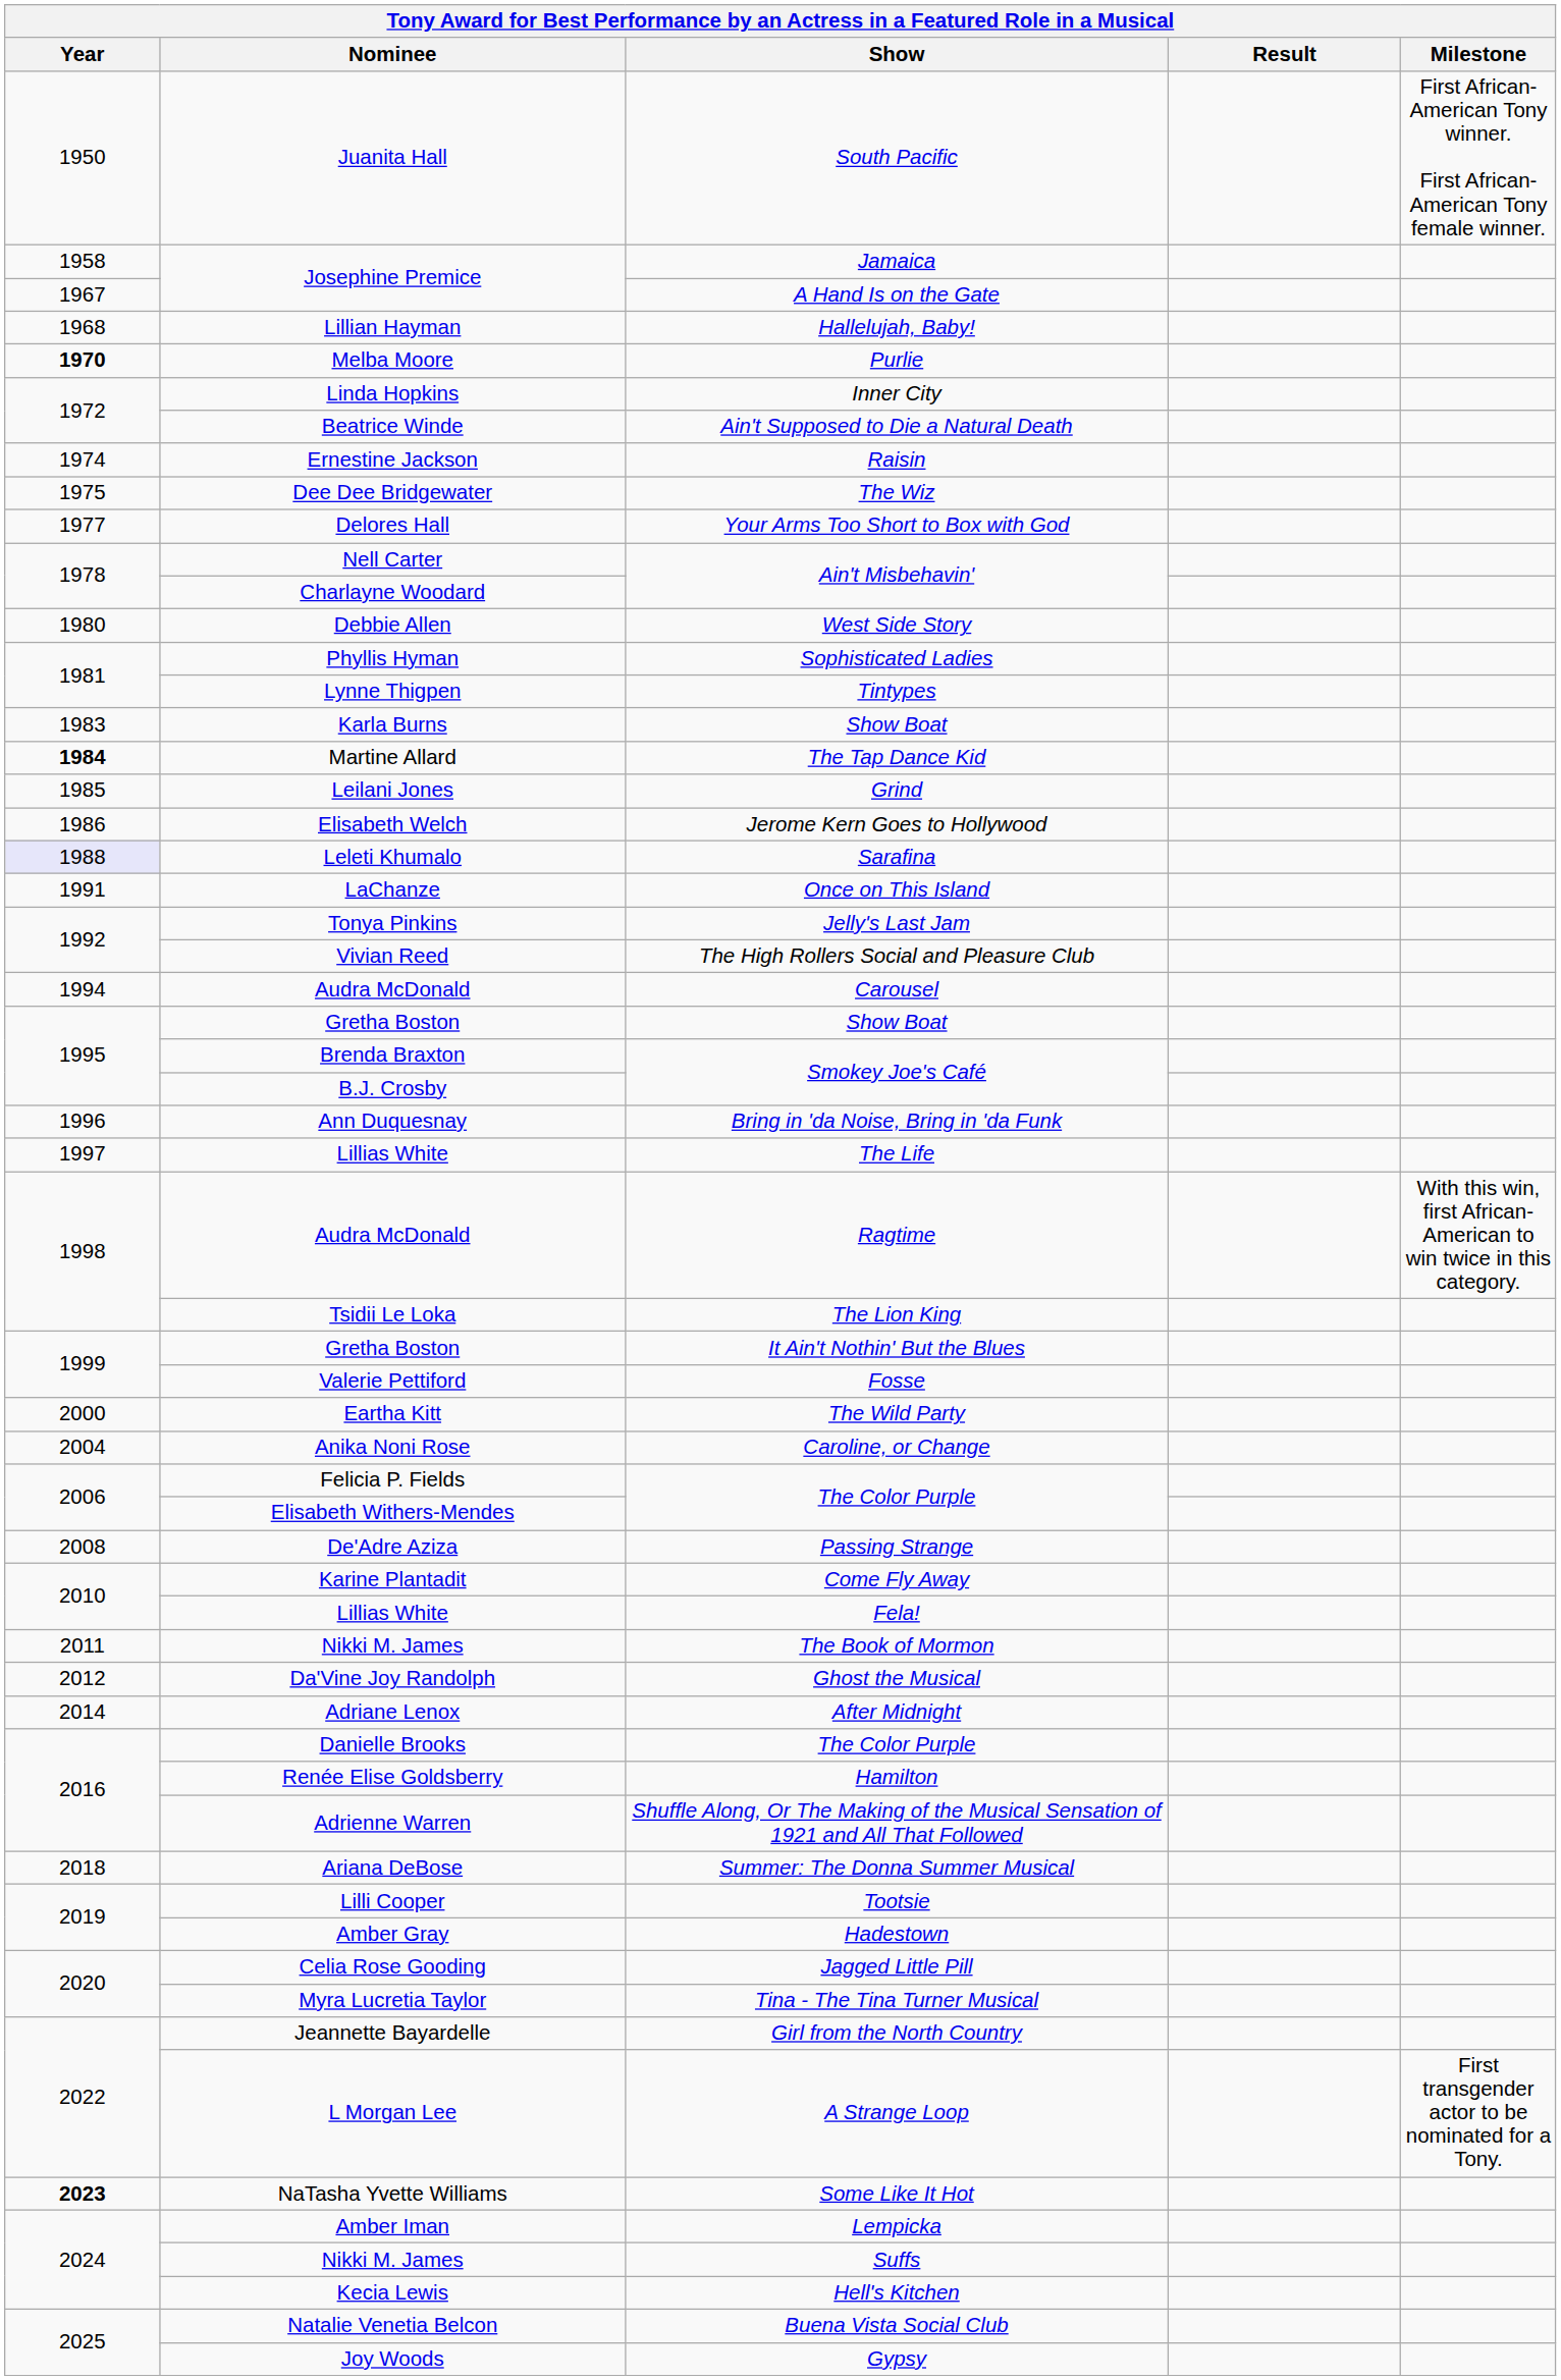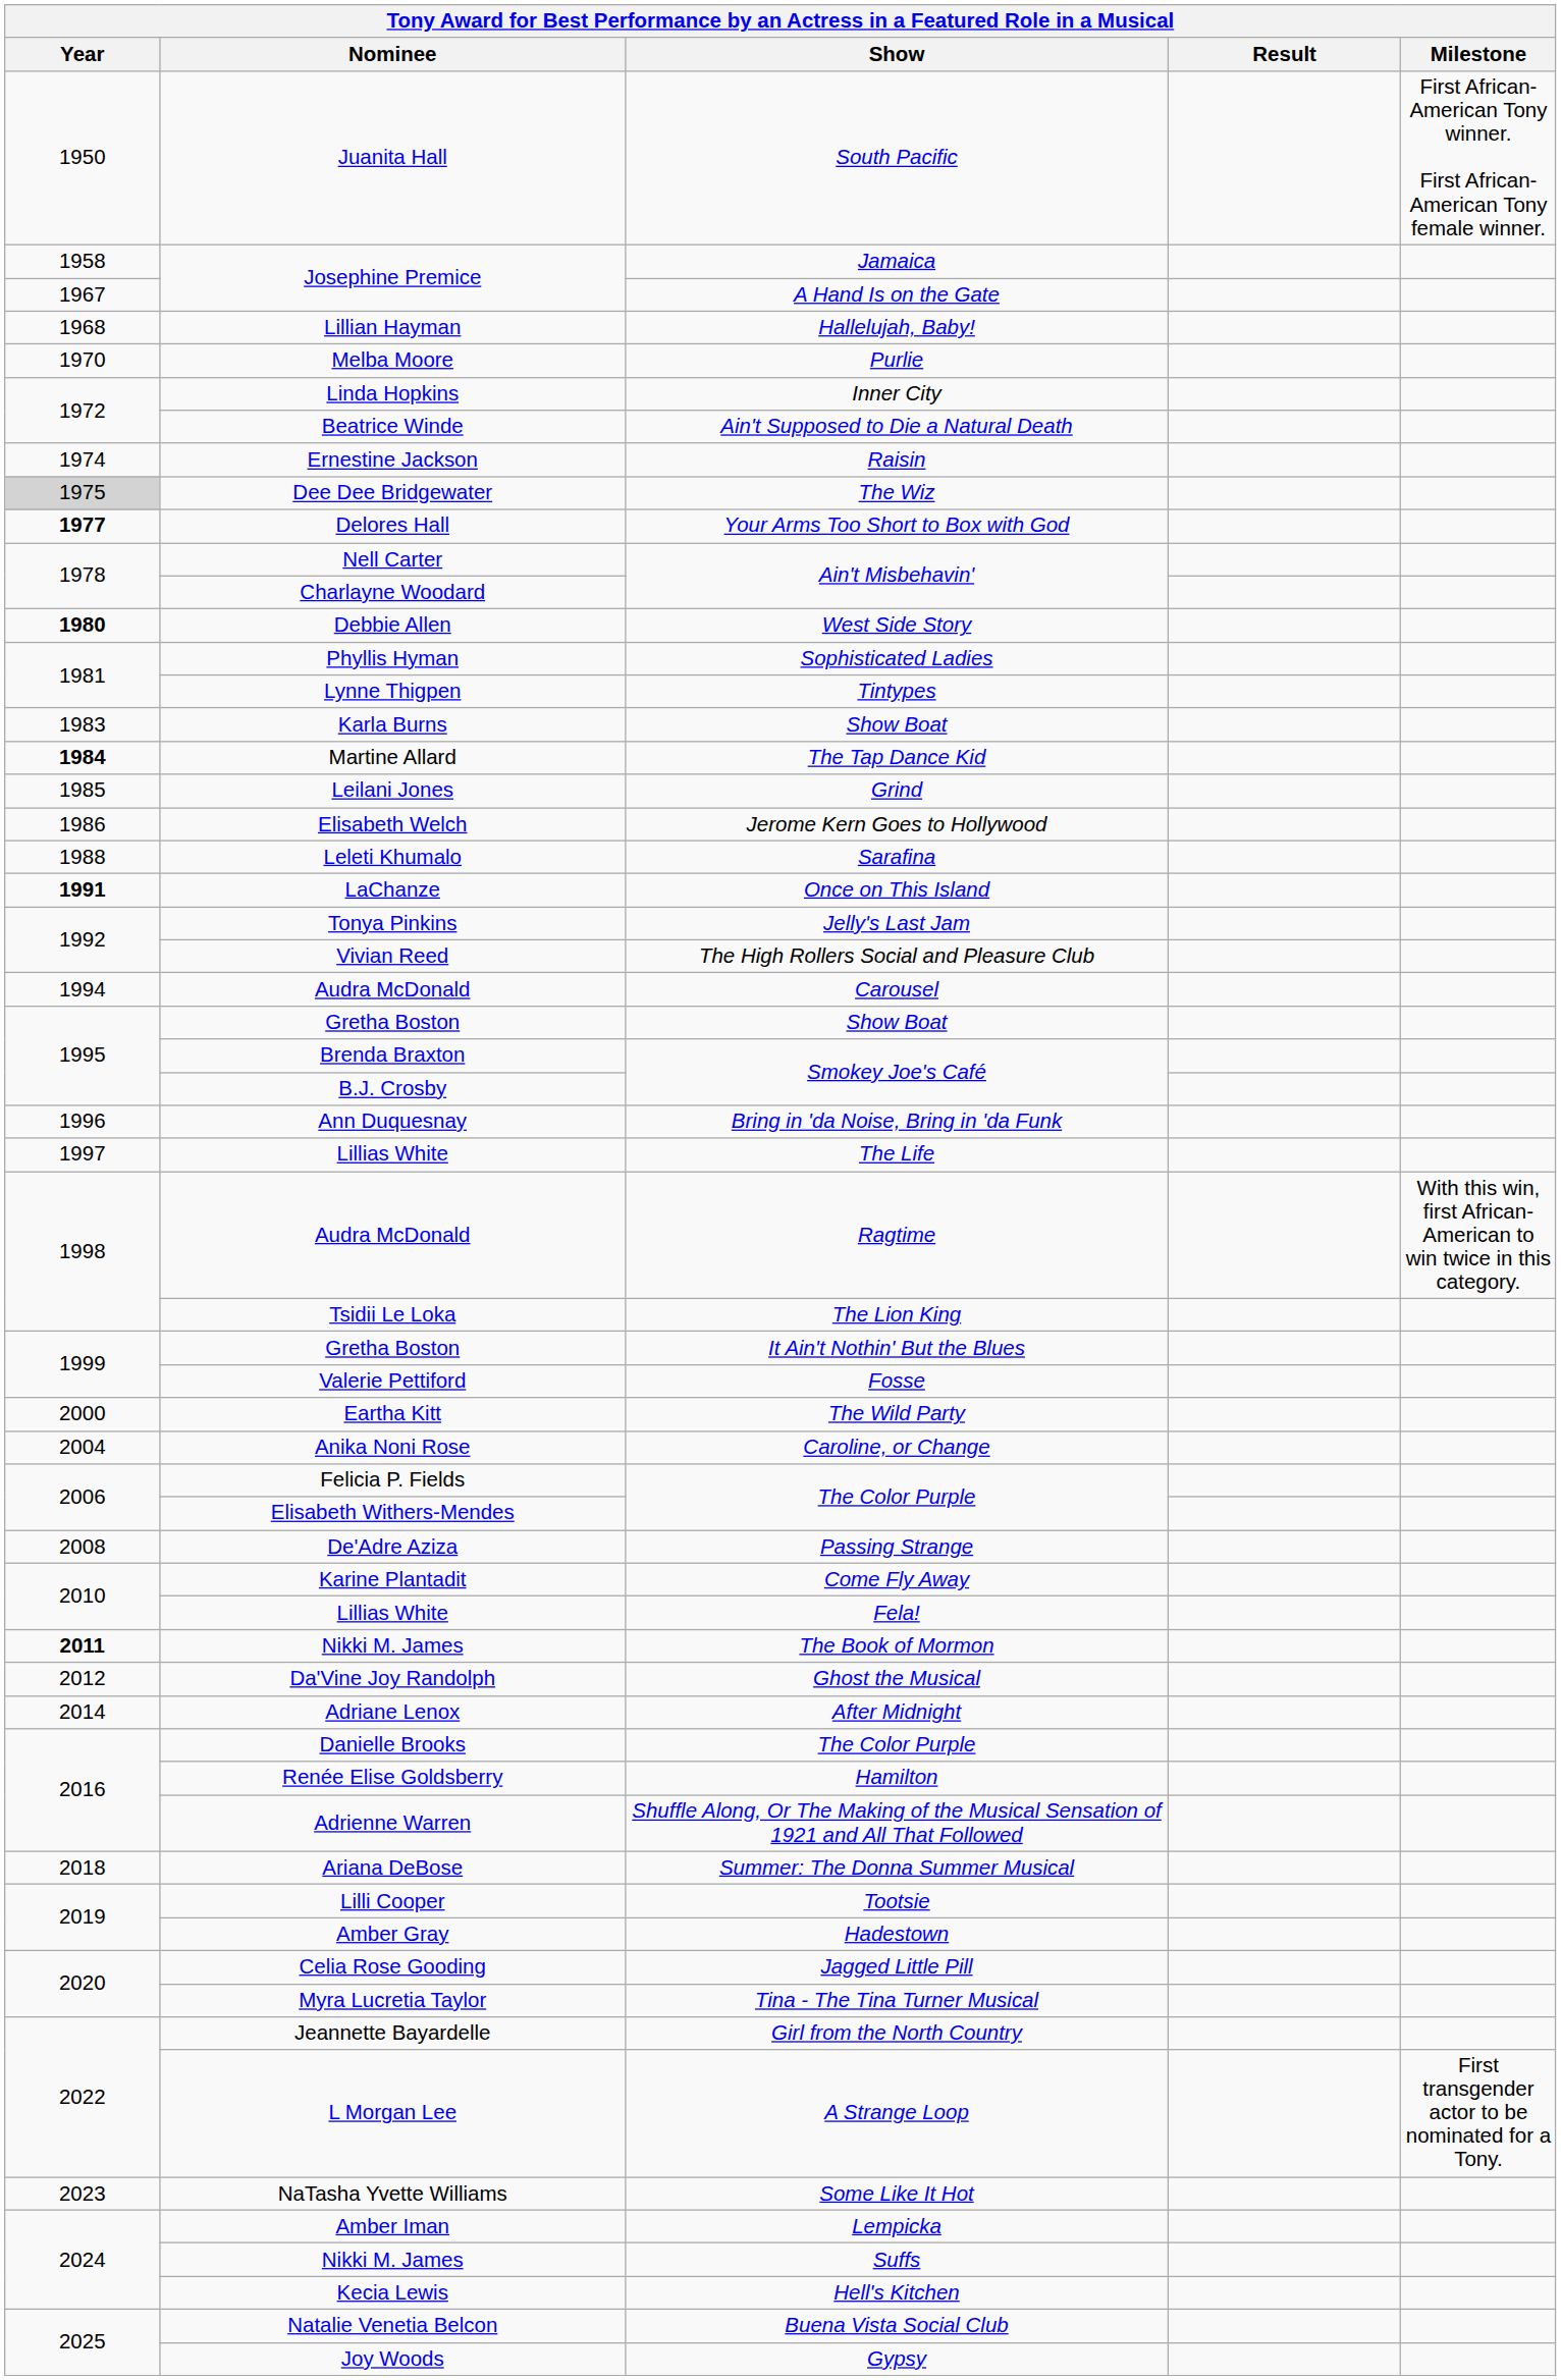 <table class="wikitable" width="60%" style="text-align: center">
 <tr>
 <th colspan="5"><a href='#'>Tony Award for Best Performance by an Actress in a Featured Role in a Musical</a></th>
 </tr>
 <tr>
 <th style="width:10%;">Year</th>
 <th style="width:30%;">Nominee</th>
 <th style="width:35%;">Show</th>
 <th style="width:15%;">Result</th>
 <th style="width:20%;">Milestone</th>
 </tr>
 <tr>
 <td>1950</td>
 <td><a href='#'>Juanita Hall</a></td>
 <td><em><a href='#'>South Pacific</a></em></td>
 <td></td>
 <td>First African-American Tony winner.<br><br>First African-American Tony female winner.</td>
 </tr>
 <tr>
 <td>1958</td>
 <td rowspan="2"><a href='#'>Josephine Premice</a></td>
 <td><em><a href='#'>Jamaica</a></em></td>
 <td></td>
 <td></td>
 </tr>
 <tr>
 <td>1967</td>
 <td><em><a href='#'>A Hand Is on the Gate</a></em></td>
 <td></td>
 <td></td>
 </tr>
 <tr>
 <td>1968</td>
 <td><a href='#'>Lillian Hayman</a></td>
 <td><em><a href='#'>Hallelujah, Baby!</a></em></td>
 <td></td>
 <td></td>
 </tr>
 <tr>
-<td><strong>1970</strong></td>
+<td>1970</td>
 <td><a href='#'>Melba Moore</a></td>
 <td><em><a href='#'>Purlie</a></em></td>
 <td></td>
 <td></td>
 </tr>
 <tr>
 <td rowspan="2">1972</td>
 <td><a href='#'>Linda Hopkins</a></td>
 <td><em>Inner City</em></td>
 <td></td>
 <td></td>
 </tr>
 <tr>
 <td><a href='#'>Beatrice Winde</a></td>
 <td><em><a href='#'>Ain't Supposed to Die a Natural Death</a></em></td>
 <td></td>
 <td></td>
 </tr>
 <tr>
 <td>1974</td>
 <td><a href='#'>Ernestine Jackson</a></td>
 <td><em><a href='#'>Raisin</a></em></td>
 <td></td>
 <td></td>
 </tr>
 <tr>
-<td>1975</td>
+<td style="background: lightgrey;">1975</td>
 <td><a href='#'>Dee Dee Bridgewater</a></td>
 <td><em><a href='#'>The Wiz</a></em></td>
 <td></td>
 <td></td>
 </tr>
 <tr>
-<td>1977</td>
+<td><strong>1977</strong></td>
 <td><a href='#'>Delores Hall</a></td>
 <td><em><a href='#'>Your Arms Too Short to Box with God</a></em></td>
 <td></td>
 <td></td>
 </tr>
 <tr>
 <td rowspan="2">1978</td>
 <td><a href='#'>Nell Carter</a></td>
 <td rowspan="2"><em><a href='#'>Ain't Misbehavin'</a></em></td>
 <td></td>
 <td></td>
 </tr>
 <tr>
 <td><a href='#'>Charlayne Woodard</a></td>
 <td></td>
 <td></td>
 </tr>
 <tr>
-<td>1980</td>
+<td><strong>1980</strong></td>
 <td><a href='#'>Debbie Allen</a></td>
 <td><em><a href='#'>West Side Story</a></em></td>
 <td></td>
 <td></td>
 </tr>
 <tr>
 <td rowspan="2">1981</td>
 <td><a href='#'>Phyllis Hyman</a></td>
 <td><em><a href='#'>Sophisticated Ladies</a></em></td>
 <td></td>
 <td></td>
 </tr>
 <tr>
 <td><a href='#'>Lynne Thigpen</a></td>
 <td><em><a href='#'>Tintypes</a></em></td>
 <td></td>
 <td></td>
 </tr>
 <tr>
 <td>1983</td>
 <td><a href='#'>Karla Burns</a></td>
 <td><em><a href='#'>Show Boat</a></em></td>
 <td></td>
 <td></td>
 </tr>
 <tr>
 <td><strong>1984</strong></td>
 <td>Martine Allard</td>
 <td><em><a href='#'>The Tap Dance Kid</a></em></td>
 <td></td>
 <td></td>
 </tr>
 <tr>
 <td>1985</td>
 <td><a href='#'>Leilani Jones</a></td>
 <td><em><a href='#'>Grind</a></em></td>
 <td></td>
 <td></td>
 </tr>
 <tr>
 <td>1986</td>
 <td><a href='#'>Elisabeth Welch</a></td>
 <td><em>Jerome Kern Goes to Hollywood</em></td>
 <td></td>
 <td></td>
 </tr>
 <tr>
-<td style="background: lavender;">1988</td>
+<td>1988</td>
 <td><a href='#'>Leleti Khumalo</a></td>
 <td><em><a href='#'>Sarafina</a></em></td>
 <td></td>
 <td></td>
 </tr>
 <tr>
-<td>1991</td>
+<td><strong>1991</strong></td>
 <td><a href='#'>LaChanze</a></td>
 <td><em><a href='#'>Once on This Island</a></em></td>
 <td></td>
 <td></td>
 </tr>
 <tr>
 <td rowspan="2">1992</td>
 <td><a href='#'>Tonya Pinkins</a></td>
 <td><em><a href='#'>Jelly's Last Jam</a></em></td>
 <td></td>
 <td></td>
 </tr>
 <tr>
 <td><a href='#'>Vivian Reed</a></td>
 <td><em>The High Rollers Social and Pleasure Club</em></td>
 <td></td>
 <td></td>
 </tr>
 <tr>
 <td>1994</td>
 <td><a href='#'>Audra McDonald</a></td>
 <td><em><a href='#'>Carousel</a></em></td>
 <td></td>
 <td></td>
 </tr>
 <tr>
 <td rowspan="3">1995</td>
 <td><a href='#'>Gretha Boston</a></td>
 <td><em><a href='#'>Show Boat</a></em></td>
 <td></td>
 <td></td>
 </tr>
 <tr>
 <td><a href='#'>Brenda Braxton</a></td>
 <td rowspan="2"><em><a href='#'>Smokey Joe's Café</a></em></td>
 <td></td>
 <td></td>
 </tr>
 <tr>
 <td><a href='#'>B.J. Crosby</a></td>
 <td></td>
 <td></td>
 </tr>
 <tr>
 <td>1996</td>
 <td><a href='#'>Ann Duquesnay</a></td>
 <td><em><a href='#'>Bring in 'da Noise, Bring in 'da Funk</a></em></td>
 <td></td>
 <td></td>
 </tr>
 <tr>
 <td>1997</td>
 <td><a href='#'>Lillias White</a></td>
 <td><em><a href='#'>The Life</a></em></td>
 <td></td>
 <td></td>
 </tr>
 <tr>
 <td rowspan="2">1998</td>
 <td><a href='#'>Audra McDonald</a></td>
 <td><em><a href='#'>Ragtime</a></em></td>
 <td></td>
 <td>With this win, first African-American to win twice in this category.</td>
 </tr>
 <tr>
 <td><a href='#'>Tsidii Le Loka</a></td>
 <td><em><a href='#'>The Lion King</a></em></td>
 <td></td>
 <td></td>
 </tr>
 <tr>
 <td rowspan="2">1999</td>
 <td><a href='#'>Gretha Boston</a></td>
 <td><em><a href='#'>It Ain't Nothin' But the Blues</a></em></td>
 <td></td>
 <td></td>
 </tr>
 <tr>
 <td><a href='#'>Valerie Pettiford</a></td>
 <td><em><a href='#'>Fosse</a></em></td>
 <td></td>
 <td></td>
 </tr>
 <tr>
 <td>2000</td>
 <td><a href='#'>Eartha Kitt</a></td>
 <td><em><a href='#'>The Wild Party</a></em></td>
 <td></td>
 <td></td>
 </tr>
 <tr>
 <td>2004</td>
 <td><a href='#'>Anika Noni Rose</a></td>
 <td><em><a href='#'>Caroline, or Change</a></em></td>
 <td></td>
 <td></td>
 </tr>
 <tr>
 <td rowspan="2">2006</td>
 <td>Felicia P. Fields</td>
 <td rowspan="2"><em><a href='#'>The Color Purple</a></em></td>
 <td></td>
 <td></td>
 </tr>
 <tr>
 <td><a href='#'>Elisabeth Withers-Mendes</a></td>
 <td></td>
 <td></td>
 </tr>
 <tr>
 <td>2008</td>
 <td><a href='#'>De'Adre Aziza</a></td>
 <td><em><a href='#'>Passing Strange</a></em></td>
 <td></td>
 <td></td>
 </tr>
 <tr>
 <td rowspan="2">2010</td>
 <td><a href='#'>Karine Plantadit</a></td>
 <td><em><a href='#'>Come Fly Away</a></em></td>
 <td></td>
 <td></td>
 </tr>
 <tr>
 <td><a href='#'>Lillias White</a></td>
 <td><em><a href='#'>Fela!</a></em></td>
 <td></td>
 <td></td>
 </tr>
 <tr>
-<td>2011</td>
+<td><strong>2011</strong></td>
 <td><a href='#'>Nikki M. James</a></td>
 <td><em><a href='#'>The Book of Mormon</a></em></td>
 <td></td>
 <td></td>
 </tr>
 <tr>
 <td>2012</td>
 <td><a href='#'>Da'Vine Joy Randolph</a></td>
 <td><em><a href='#'>Ghost the Musical</a></em></td>
 <td></td>
 <td></td>
 </tr>
 <tr>
 <td>2014</td>
 <td><a href='#'>Adriane Lenox</a></td>
 <td><em><a href='#'>After Midnight</a></em></td>
 <td></td>
 <td></td>
 </tr>
 <tr>
 <td rowspan="3">2016</td>
 <td><a href='#'>Danielle Brooks</a></td>
 <td><em><a href='#'>The Color Purple</a></em></td>
 <td></td>
 <td></td>
 </tr>
 <tr>
 <td><a href='#'>Renée Elise Goldsberry</a></td>
 <td><em><a href='#'>Hamilton</a></em></td>
 <td></td>
 <td></td>
 </tr>
 <tr>
 <td><a href='#'>Adrienne Warren</a></td>
 <td><em><a href='#'>Shuffle Along, Or The Making of the Musical Sensation of 1921 and All That Followed</a></em></td>
 <td></td>
 <td></td>
 </tr>
 <tr>
 <td>2018</td>
 <td><a href='#'>Ariana DeBose</a></td>
 <td><em><a href='#'>Summer: The Donna Summer Musical</a></em></td>
 <td></td>
 <td></td>
 </tr>
 <tr>
 <td rowspan="2">2019</td>
 <td><a href='#'>Lilli Cooper</a></td>
 <td><em><a href='#'>Tootsie</a></em></td>
 <td></td>
 <td></td>
 </tr>
 <tr>
 <td><a href='#'>Amber Gray</a></td>
 <td><em><a href='#'>Hadestown</a></em></td>
 <td></td>
 <td></td>
 </tr>
 <tr>
 <td rowspan="2">2020</td>
 <td><a href='#'>Celia Rose Gooding</a></td>
 <td><em><a href='#'>Jagged Little Pill</a></em></td>
 <td></td>
 <td></td>
 </tr>
 <tr>
 <td><a href='#'>Myra Lucretia Taylor</a></td>
 <td><em><a href='#'>Tina - The Tina Turner Musical</a></em></td>
 <td></td>
 <td></td>
 </tr>
 <tr>
 <td rowspan="2">2022</td>
 <td>Jeannette Bayardelle</td>
 <td><em><a href='#'>Girl from the North Country</a></em></td>
 <td></td>
 <td></td>
 </tr>
 <tr>
 <td><a href='#'>L Morgan Lee</a></td>
 <td><em><a href='#'>A Strange Loop</a></em></td>
 <td></td>
 <td>First transgender actor to be nominated for a Tony.</td>
 </tr>
 <tr>
-<td><strong>2023</strong></td>
+<td>2023</td>
 <td>NaTasha Yvette Williams</td>
 <td><em><a href='#'>Some Like It Hot</a></em></td>
 <td></td>
 <td></td>
 </tr>
 <tr>
 <td rowspan="3">2024</td>
 <td><a href='#'>Amber Iman</a></td>
 <td><em><a href='#'>Lempicka</a></em></td>
 <td></td>
 <td></td>
 </tr>
 <tr>
 <td><a href='#'>Nikki M. James</a></td>
 <td><em><a href='#'>Suffs</a></em></td>
 <td></td>
 <td></td>
 </tr>
 <tr>
 <td><a href='#'>Kecia Lewis</a></td>
 <td><em><a href='#'>Hell's Kitchen</a></em></td>
 <td></td>
 <td></td>
 </tr>
 <tr>
 <td rowspan="2">2025</td>
 <td><a href='#'>Natalie Venetia Belcon</a></td>
 <td><em><a href='#'>Buena Vista Social Club</a></em></td>
 <td></td>
 <td></td>
 </tr>
 <tr>
 <td><a href='#'>Joy Woods</a></td>
 <td><em><a href='#'>Gypsy</a></em></td>
 <td></td>
 <td></td>
 </tr>
 <tr>
 </tr>
 </table>
